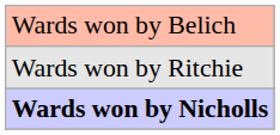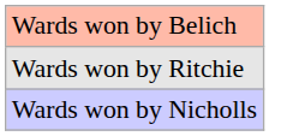 <table class="wikitable">
 <tr bgcolor="#FFBAA8">
 <td>Wards won by Belich</td>
 </tr>
 <tr bgcolor="#E6E6E6">
 <td>Wards won by Ritchie</td>
 </tr>
 <tr bgcolor="#CCCCFF">
-<td><strong>Wards won by Nicholls</strong></td>
+<td>Wards won by Nicholls</td>
 </tr>
 </table>
